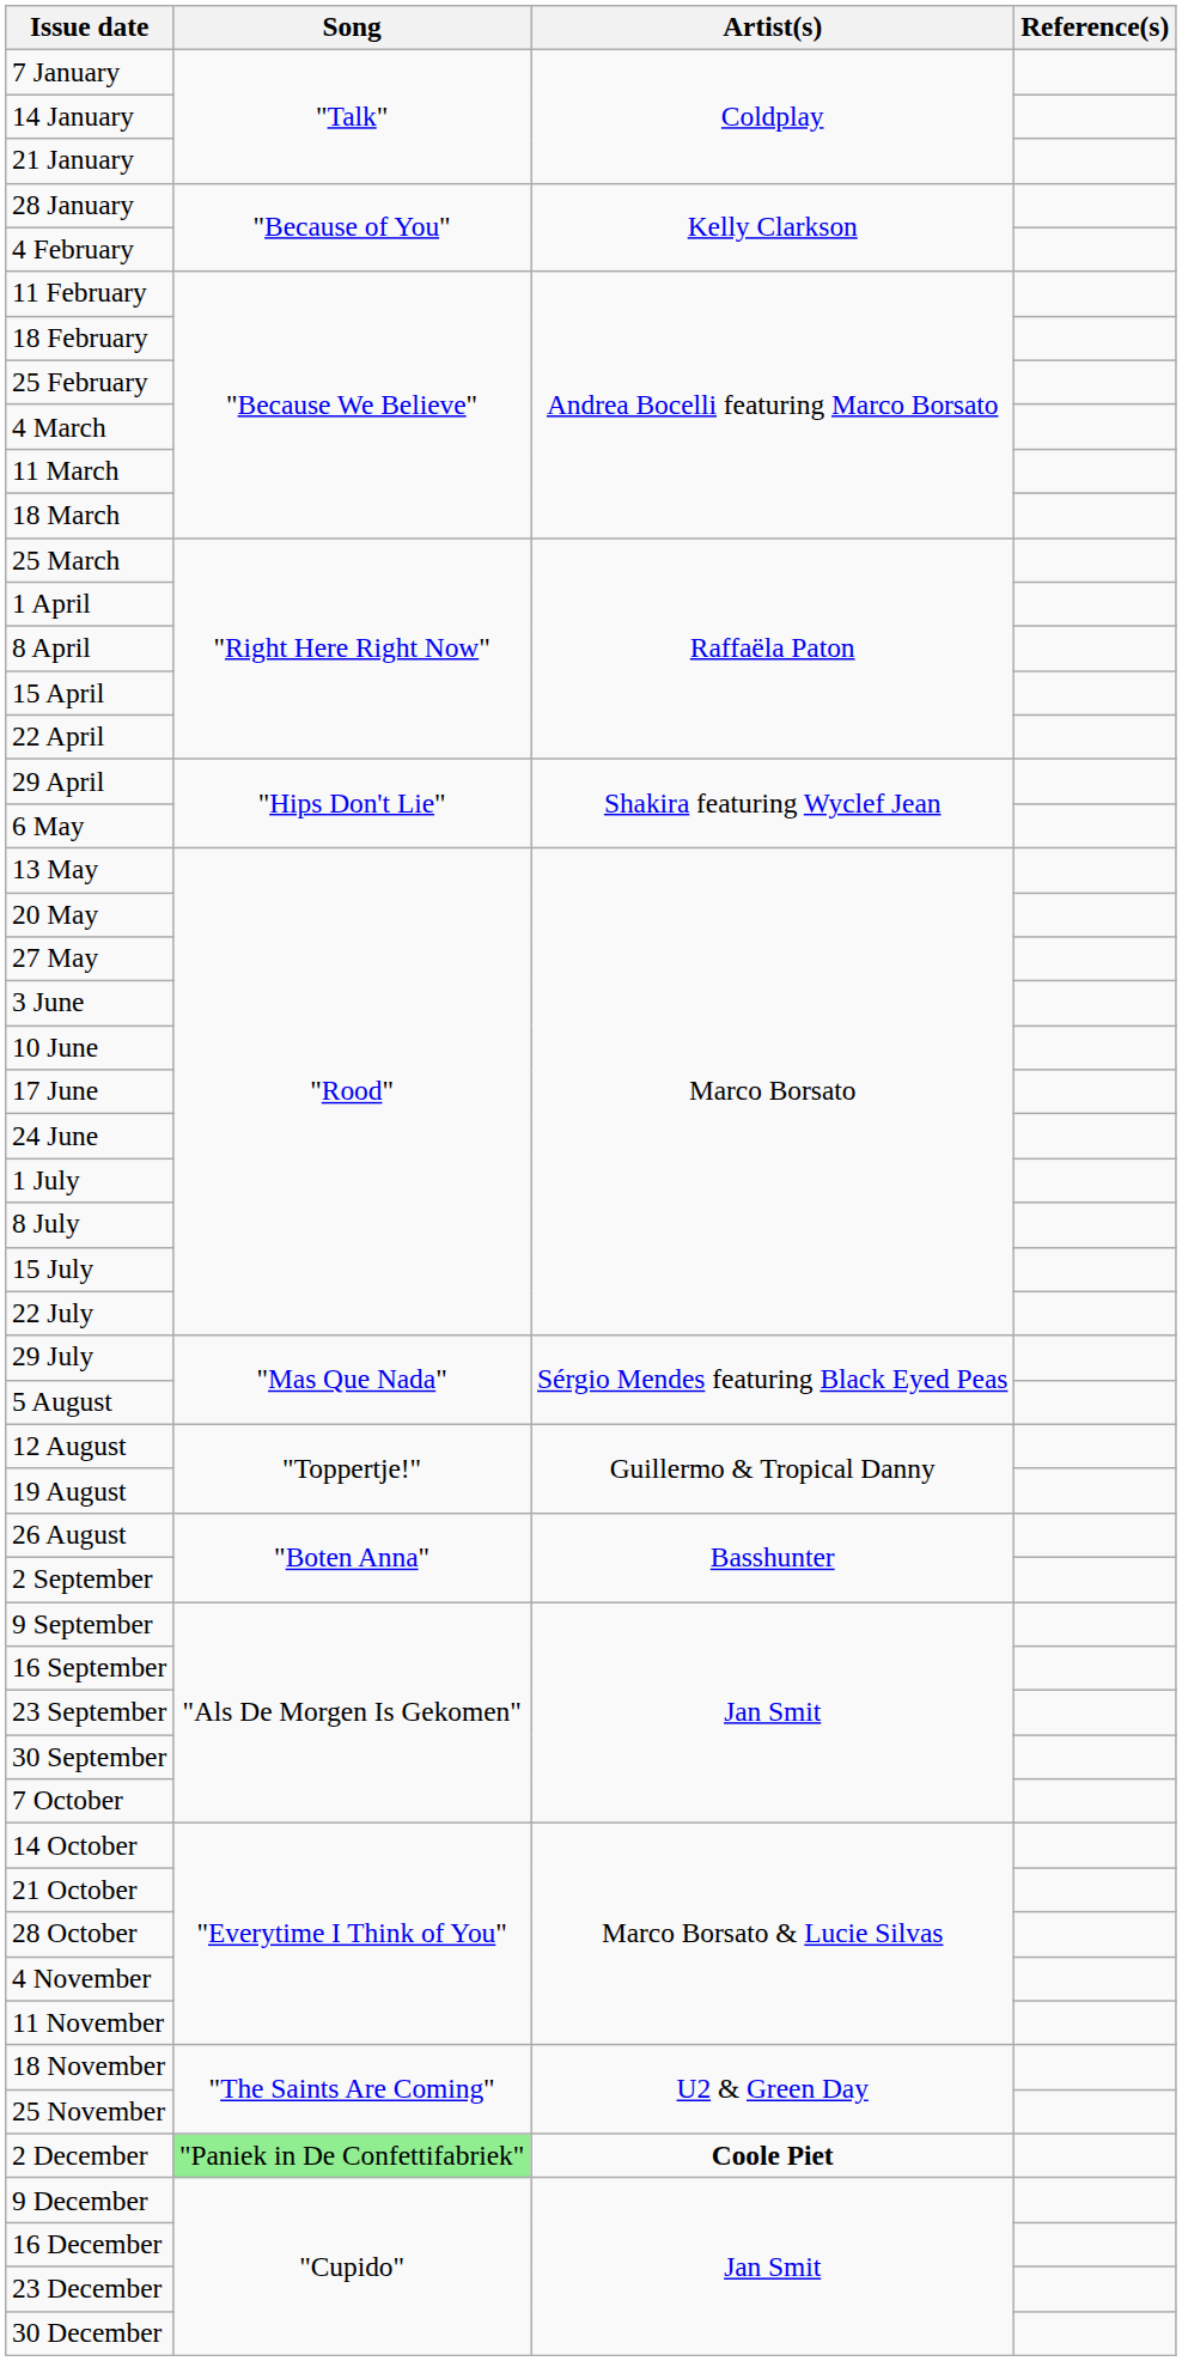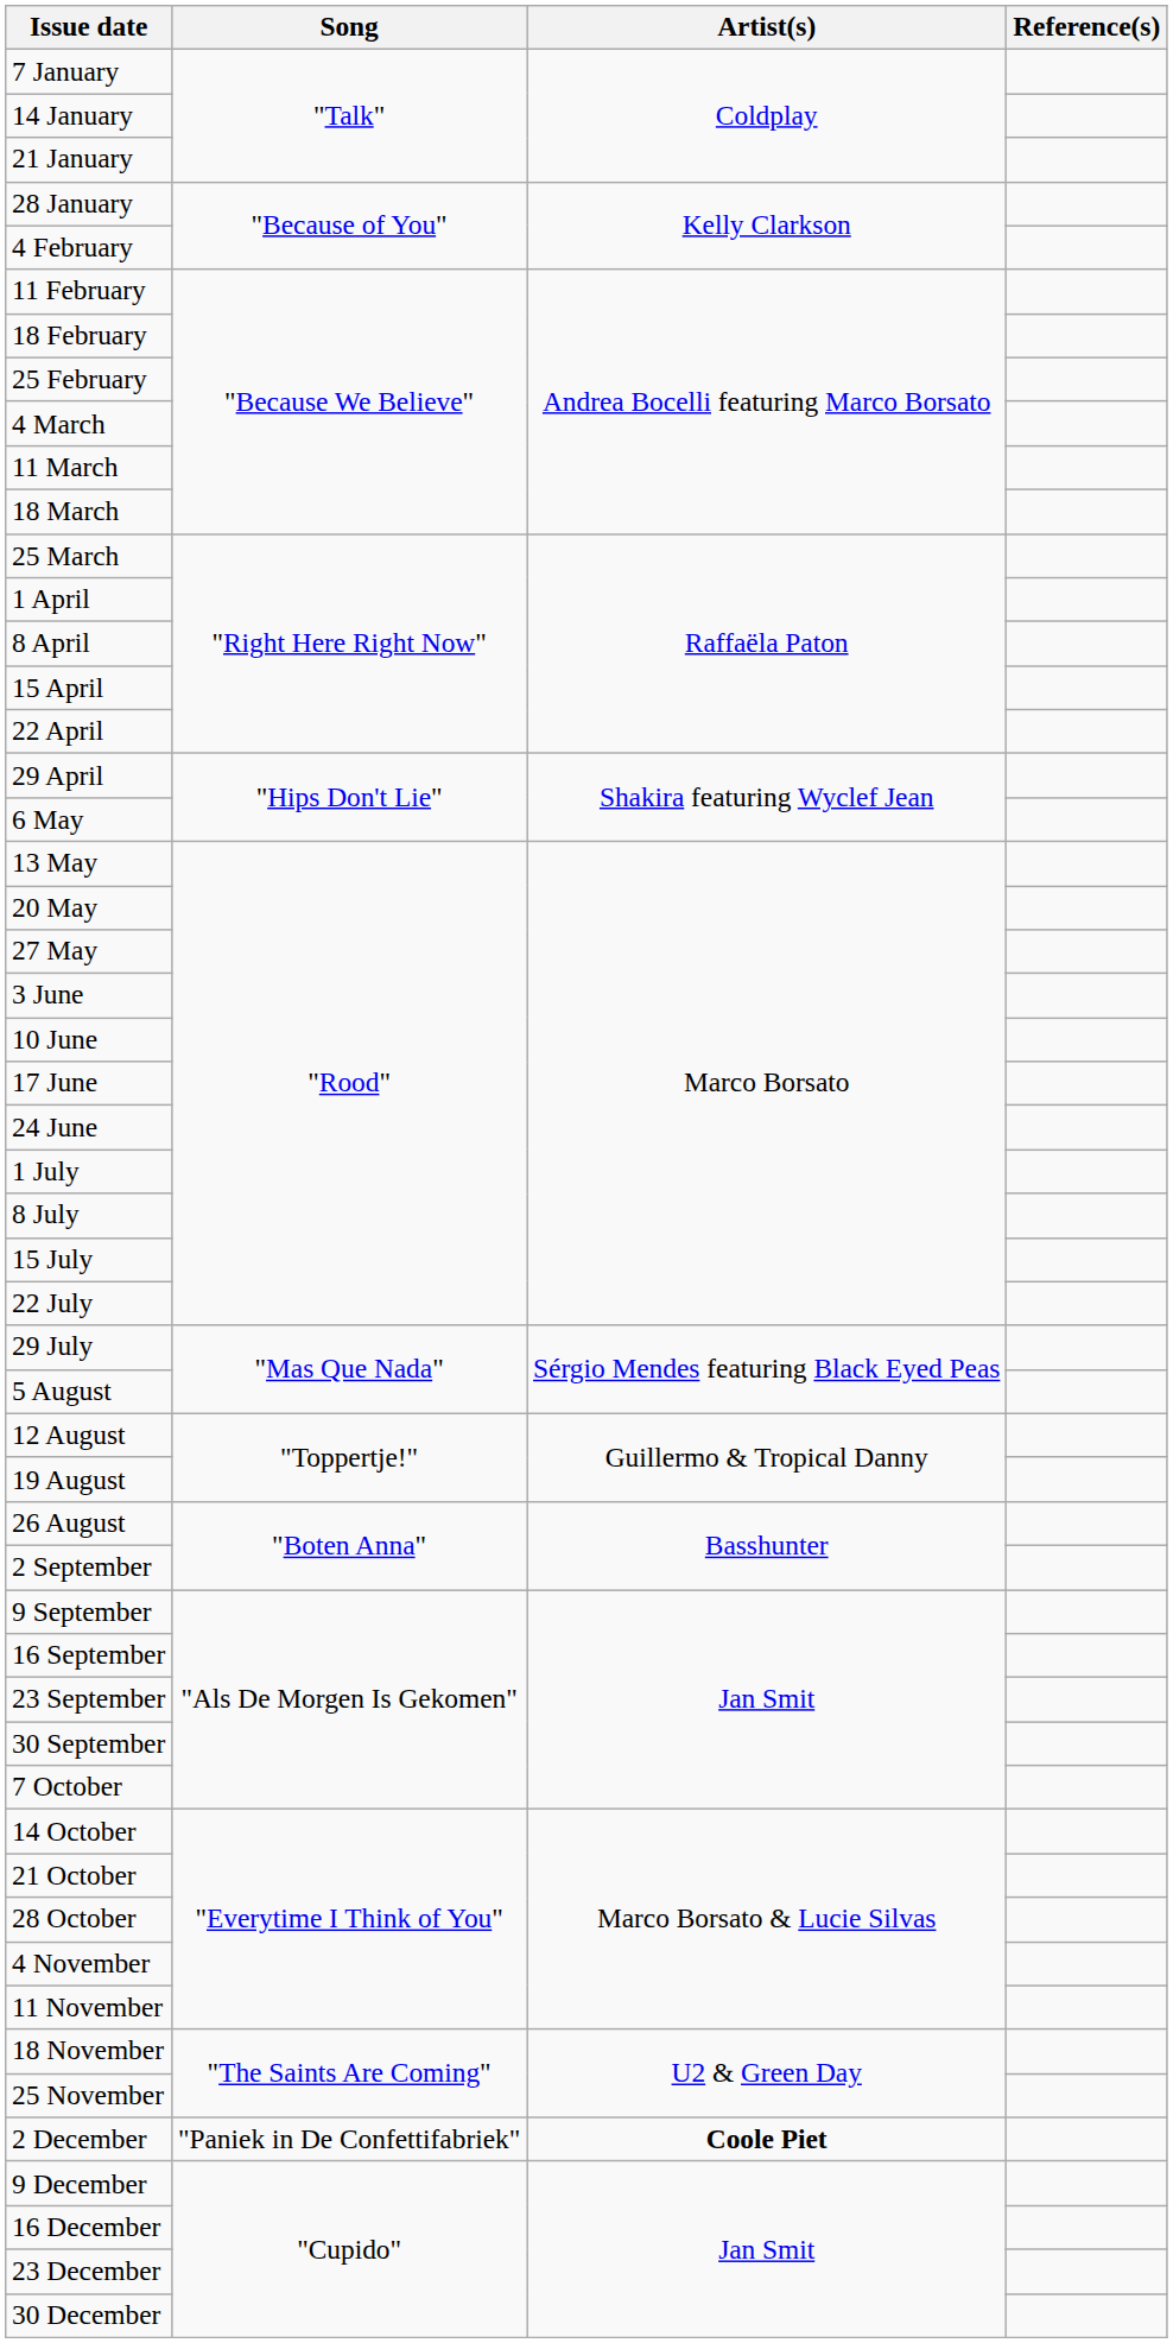 <table class="wikitable">
 <tr>
 <th align="center">Issue date</th>
 <th align="center">Song</th>
 <th align="center">Artist(s)</th>
 <th align="center">Reference(s)</th>
 </tr>
 <tr>
 <td>7 January</td>
 <td style="text-align: center;" rowspan="3">"<a href='#'>Talk</a>"</td>
 <td style="text-align: center;" rowspan="3"><a href='#'>Coldplay</a></td>
 <td style="text-align: center;"></td>
 </tr>
 <tr>
 <td>14 January</td>
 <td style="text-align: center;"></td>
 </tr>
 <tr>
 <td>21 January</td>
 <td style="text-align: center;"></td>
 </tr>
 <tr>
 <td>28 January</td>
 <td style="text-align: center;" rowspan="2">"<a href='#'>Because of You</a>"</td>
 <td style="text-align: center;" rowspan="2"><a href='#'>Kelly Clarkson</a></td>
 <td style="text-align: center;"></td>
 </tr>
 <tr>
 <td>4 February</td>
 <td style="text-align: center;"></td>
 </tr>
 <tr>
 <td>11 February</td>
 <td style="text-align: center;" rowspan="6">"<a href='#'>Because We Believe</a>"</td>
 <td style="text-align: center;" rowspan="6"><a href='#'>Andrea Bocelli</a> featuring <a href='#'>Marco Borsato</a></td>
 <td style="text-align: center;"></td>
 </tr>
 <tr>
 <td>18 February</td>
 <td style="text-align: center;"></td>
 </tr>
 <tr>
 <td>25 February</td>
 <td style="text-align: center;"></td>
 </tr>
 <tr>
 <td>4 March</td>
 <td style="text-align: center;"></td>
 </tr>
 <tr>
 <td>11 March</td>
 <td style="text-align: center;"></td>
 </tr>
 <tr>
 <td>18 March</td>
 <td style="text-align: center;"></td>
 </tr>
 <tr>
 <td>25 March</td>
 <td style="text-align: center;" rowspan="5">"<a href='#'>Right Here Right Now</a>"</td>
 <td style="text-align: center;" rowspan="5"><a href='#'>Raffaëla Paton</a></td>
 <td style="text-align: center;"></td>
 </tr>
 <tr>
 <td>1 April</td>
 <td style="text-align: center;"></td>
 </tr>
 <tr>
 <td>8 April</td>
 <td style="text-align: center;"></td>
 </tr>
 <tr>
 <td>15 April</td>
 <td style="text-align: center;"></td>
 </tr>
 <tr>
 <td>22 April</td>
 <td style="text-align: center;"></td>
 </tr>
 <tr>
 <td>29 April</td>
 <td style="text-align: center;" rowspan="2">"<a href='#'>Hips Don't Lie</a>"</td>
 <td style="text-align: center;" rowspan="2"><a href='#'>Shakira</a> featuring <a href='#'>Wyclef Jean</a></td>
 <td style="text-align: center;"></td>
 </tr>
 <tr>
 <td>6 May</td>
 <td style="text-align: center;"></td>
 </tr>
 <tr>
 <td>13 May</td>
 <td style="text-align: center;" rowspan="11">"<a href='#'>Rood</a>"</td>
 <td style="text-align: center;" rowspan="11">Marco Borsato</td>
 <td style="text-align: center;"></td>
 </tr>
 <tr>
 <td>20 May</td>
 <td style="text-align: center;"></td>
 </tr>
 <tr>
 <td>27 May</td>
 <td style="text-align: center;"></td>
 </tr>
 <tr>
 <td>3 June</td>
 <td style="text-align: center;"></td>
 </tr>
 <tr>
 <td>10 June</td>
 <td style="text-align: center;"></td>
 </tr>
 <tr>
 <td>17 June</td>
 <td style="text-align: center;"></td>
 </tr>
 <tr>
 <td>24 June</td>
 <td style="text-align: center;"></td>
 </tr>
 <tr>
 <td>1 July</td>
 <td style="text-align: center;"></td>
 </tr>
 <tr>
 <td>8 July</td>
 <td style="text-align: center;"></td>
 </tr>
 <tr>
 <td>15 July</td>
 <td style="text-align: center;"></td>
 </tr>
 <tr>
 <td>22 July</td>
 <td style="text-align: center;"></td>
 </tr>
 <tr>
 <td>29 July</td>
 <td style="text-align: center;" rowspan="2">"<a href='#'>Mas Que Nada</a>"</td>
 <td style="text-align: center;" rowspan="2"><a href='#'>Sérgio Mendes</a> featuring <a href='#'>Black Eyed Peas</a></td>
 <td style="text-align: center;"></td>
 </tr>
 <tr>
 <td>5 August</td>
 <td style="text-align: center;"></td>
 </tr>
 <tr>
 <td>12 August</td>
 <td style="text-align: center;" rowspan="2">"Toppertje!"</td>
 <td style="text-align: center;" rowspan="2">Guillermo & Tropical Danny</td>
 <td style="text-align: center;"></td>
 </tr>
 <tr>
 <td>19 August</td>
 <td style="text-align: center;"></td>
 </tr>
 <tr>
 <td>26 August</td>
 <td style="text-align: center;" rowspan="2">"<a href='#'>Boten Anna</a>"</td>
 <td style="text-align: center;" rowspan="2"><a href='#'>Basshunter</a></td>
 <td style="text-align: center;"></td>
 </tr>
 <tr>
 <td>2 September</td>
 <td style="text-align: center;"></td>
 </tr>
 <tr>
 <td>9 September</td>
 <td style="text-align: center;" rowspan="5">"Als De Morgen Is Gekomen"</td>
 <td style="text-align: center;" rowspan="5"><a href='#'>Jan Smit</a></td>
 <td style="text-align: center;"></td>
 </tr>
 <tr>
 <td>16 September</td>
 <td style="text-align: center;"></td>
 </tr>
 <tr>
 <td>23 September</td>
 <td style="text-align: center;"></td>
 </tr>
 <tr>
 <td>30 September</td>
 <td style="text-align: center;"></td>
 </tr>
 <tr>
 <td>7 October</td>
 <td style="text-align: center;"></td>
 </tr>
 <tr>
 <td>14 October</td>
 <td style="text-align: center;" rowspan="5">"<a href='#'>Everytime I Think of You</a>"</td>
 <td style="text-align: center;" rowspan="5">Marco Borsato & <a href='#'>Lucie Silvas</a></td>
 <td style="text-align: center;"></td>
 </tr>
 <tr>
 <td>21 October</td>
 <td style="text-align: center;"></td>
 </tr>
 <tr>
 <td>28 October</td>
 <td style="text-align: center;"></td>
 </tr>
 <tr>
 <td>4 November</td>
 <td style="text-align: center;"></td>
 </tr>
 <tr>
 <td>11 November</td>
 <td style="text-align: center;"></td>
 </tr>
 <tr>
 <td>18 November</td>
 <td style="text-align: center;" rowspan="2">"<a href='#'>The Saints Are Coming</a>"</td>
 <td style="text-align: center;" rowspan="2"><a href='#'>U2</a> & <a href='#'>Green Day</a></td>
 <td style="text-align: center;"></td>
 </tr>
 <tr>
 <td>25 November</td>
 <td style="text-align: center;"></td>
 </tr>
 <tr>
 <td>2 December</td>
-<td style="background: lightgreen; text-align: center;">"Paniek in De Confettifabriek"</td>
+<td style="text-align: center;">"Paniek in De Confettifabriek"</td>
 <td style="text-align: center;"><strong>Coole Piet</strong></td>
 <td style="text-align: center;"></td>
 </tr>
 <tr>
 <td>9 December</td>
 <td style="text-align: center;" rowspan="4">"Cupido"</td>
 <td style="text-align: center;" rowspan="4"><a href='#'>Jan Smit</a></td>
 <td style="text-align: center;"></td>
 </tr>
 <tr>
 <td>16 December</td>
 <td style="text-align: center;"></td>
 </tr>
 <tr>
 <td>23 December</td>
 <td style="text-align: center;"></td>
 </tr>
 <tr>
 <td>30 December</td>
 <td style="text-align: center;"></td>
 </tr>
 </table>
